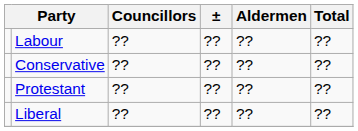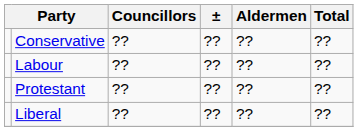 <table class="wikitable">
 <tr>
 <th colspan="2">Party</th>
 <th>Councillors</th>
 <th>  ±  </th>
 <th>Aldermen</th>
 <th>Total</th>
 </tr>
 <tr>
 <td style="background-color: "></td>
-<td><a href='#'>Labour</a></td>
+<td><a href='#'>Conservative</a></td>
 <td>??</td>
 <td>??</td>
 <td>??</td>
 <td>??</td>
 </tr>
 <tr>
 <td style="background-color: "></td>
-<td><a href='#'>Conservative</a></td>
+<td><a href='#'>Labour</a></td>
 <td>??</td>
 <td>??</td>
 <td>??</td>
 <td>??</td>
 </tr>
 <tr>
 <td style="background-color: "></td>
 <td><a href='#'>Protestant</a></td>
 <td>??</td>
 <td>??</td>
 <td>??</td>
 <td>??</td>
 </tr>
 <tr>
 <td style="background-color: "></td>
 <td><a href='#'>Liberal</a></td>
 <td>??</td>
 <td>??</td>
 <td>??</td>
 <td>??</td>
 </tr>
 <tr>
 </tr>
 </table>
